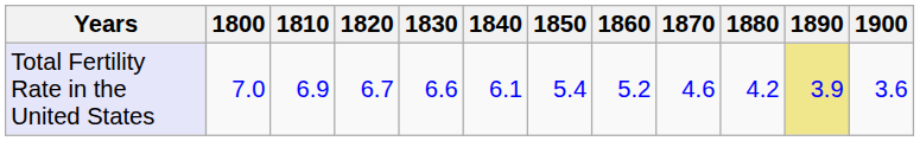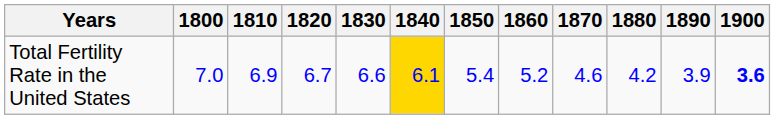 <table class="wikitable " style="text-align:right">
 <tr>
 <th>Years</th>
 <th>1800</th>
 <th>1810</th>
 <th>1820</th>
 <th>1830</th>
 <th>1840</th>
 <th>1850</th>
 <th>1860</th>
 <th>1870</th>
 <th>1880</th>
 <th>1890</th>
 <th>1900</th>
 </tr>
 <tr>
-<td align="left" style="background: lavender;">Total Fertility Rate in the United States</td>
+<td align="left">Total Fertility Rate in the United States</td>
 <td style="text-align:right; color:blue;">7.0</td>
 <td style="text-align:right; color:blue;">6.9</td>
 <td style="text-align:right; color:blue;">6.7</td>
 <td style="text-align:right; color:blue;">6.6</td>
-<td style="text-align:right; color:blue;">6.1</td>
+<td style="background: gold; text-align:right; color:blue;">6.1</td>
 <td style="text-align:right; color:blue;">5.4</td>
 <td style="text-align:right; color:blue;">5.2</td>
 <td style="text-align:right; color:blue;">4.6</td>
 <td style="text-align:right; color:blue;">4.2</td>
-<td style="background: khaki; text-align:right; color:blue;">3.9</td>
-<td style="text-align:right; color:blue;">3.6</td>
+<td style="text-align:right; color:blue;">3.9</td>
+<td style="text-align:right; color:blue;"><strong>3.6</strong></td>
 </tr>
 </table>
